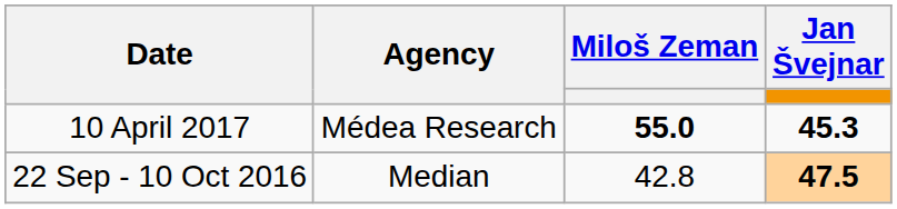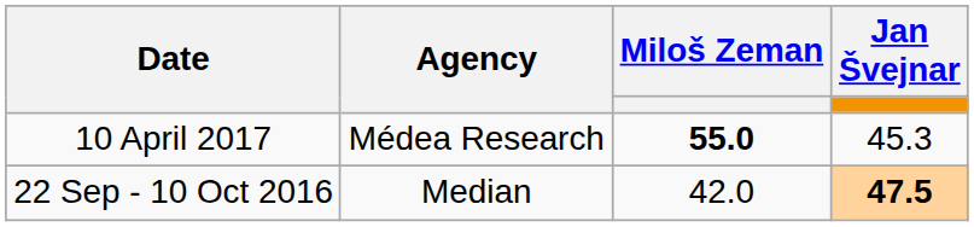 <table class="wikitable collapsible collapsed" style=text-align:center>
 <tr>
 <th rowspan="2">Date</th>
 <th rowspan="2">Agency</th>
 <th><a href='#'>Miloš Zeman</a></th>
 <th><a href='#'>Jan Švejnar</a></th>
 </tr>
 <tr>
 <th style="background:"></th>
 <th style="background:#F29400; width:40px;"></th>
 </tr>
 <tr>
 <td>10 April 2017</td>
 <td>Médea Research</td>
 <td><strong>55.0</strong></td>
-<td><strong>45.3</strong></td>
+<td>45.3</td>
 </tr>
 <tr>
 <td>22 Sep - 10 Oct 2016</td>
 <td>Median</td>
-<td>42.8</td>
+<td>42.0</td>
 <td style="background:#FFD39B"><strong>47.5</strong></td>
 </tr>
 </table>
